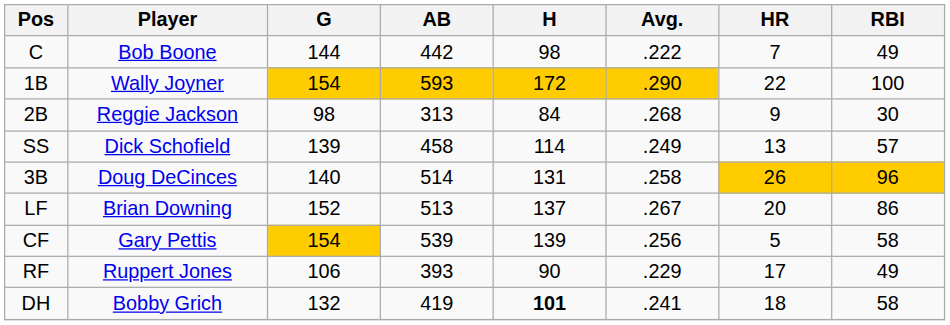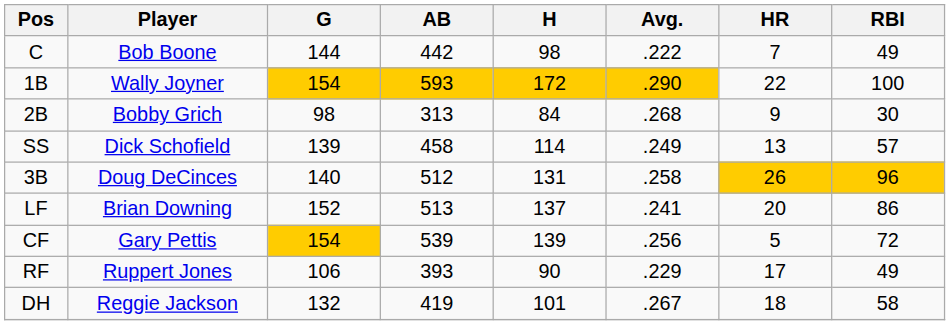 <table class="wikitable sortable">
 <tr>
 <th bgcolor="#DDDDFF" width="5%">Pos</th>
 <th bgcolor="#DDDDFF" width="16%">Player</th>
 <th bgcolor="#DDDDFF" width="9%">G</th>
 <th bgcolor="#DDDDFF" width="9%">AB</th>
 <th bgcolor="#DDDDFF" width="9%">H</th>
 <th bgcolor="#DDDDFF" width="9%">Avg.</th>
 <th bgcolor="#DDDDFF" width="9%">HR</th>
 <th bgcolor="#DDDDFF" width="9%">RBI</th>
 </tr>
 <tr align="center">
 <td>C</td>
 <td><a href='#'>Bob Boone</a></td>
 <td>144</td>
 <td>442</td>
 <td>98</td>
 <td>.222</td>
 <td>7</td>
 <td>49</td>
 </tr>
 <tr align="center">
 <td>1B</td>
 <td><a href='#'>Wally Joyner</a></td>
 <td style="background:#fc0;">154</td>
 <td style="background:#fc0;">593</td>
 <td style="background:#fc0;">172</td>
 <td style="background:#fc0;">.290</td>
 <td>22</td>
 <td>100</td>
 </tr>
 <tr align="center">
 <td>2B</td>
-<td><a href='#'>Reggie Jackson</a></td>
+<td><a href='#'>Bobby Grich</a></td>
 <td>98</td>
 <td>313</td>
 <td>84</td>
 <td>.268</td>
 <td>9</td>
 <td>30</td>
 </tr>
 <tr align="center">
 <td>SS</td>
 <td><a href='#'>Dick Schofield</a></td>
 <td>139</td>
 <td>458</td>
 <td>114</td>
 <td>.249</td>
 <td>13</td>
 <td>57</td>
 </tr>
 <tr align="center">
 <td>3B</td>
 <td><a href='#'>Doug DeCinces</a></td>
 <td>140</td>
-<td>514</td>
+<td>512</td>
 <td>131</td>
 <td>.258</td>
 <td style="background:#fc0;">26</td>
 <td style="background:#fc0;">96</td>
 </tr>
 <tr align="center">
 <td>LF</td>
 <td><a href='#'>Brian Downing</a></td>
 <td>152</td>
 <td>513</td>
 <td>137</td>
-<td>.267</td>
+<td>.241</td>
 <td>20</td>
 <td>86</td>
 </tr>
 <tr align="center">
 <td>CF</td>
 <td><a href='#'>Gary Pettis</a></td>
 <td style="background:#fc0;">154</td>
 <td>539</td>
 <td>139</td>
 <td>.256</td>
 <td>5</td>
-<td>58</td>
+<td>72</td>
 </tr>
 <tr align="center">
 <td>RF</td>
 <td><a href='#'>Ruppert Jones</a></td>
 <td>106</td>
 <td>393</td>
 <td>90</td>
 <td>.229</td>
 <td>17</td>
 <td>49</td>
 </tr>
 <tr align="center">
 <td>DH</td>
-<td><a href='#'>Bobby Grich</a></td>
+<td><a href='#'>Reggie Jackson</a></td>
 <td>132</td>
 <td>419</td>
-<td><strong>101</strong></td>
-<td>.241</td>
+<td>101</td>
+<td>.267</td>
 <td>18</td>
 <td>58</td>
 </tr>
 <tr align="center">
 </tr>
 </table>
